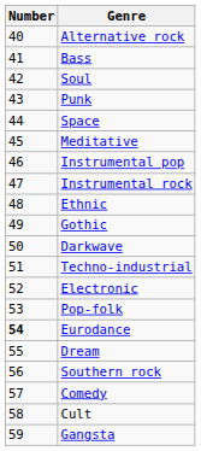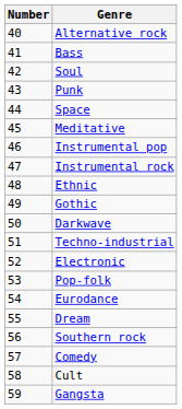 <table class="wikitable">
 <tr>
 <th>Number</th>
 <th>Genre</th>
 </tr>
 <tr>
 <td>40</td>
 <td><a href='#'>Alternative rock</a></td>
 </tr>
 <tr>
 <td>41</td>
 <td><a href='#'>Bass</a></td>
 </tr>
 <tr>
 <td>42</td>
 <td><a href='#'>Soul</a></td>
 </tr>
 <tr>
 <td>43</td>
 <td><a href='#'>Punk</a></td>
 </tr>
 <tr>
 <td>44</td>
 <td><a href='#'>Space</a></td>
 </tr>
 <tr>
 <td>45</td>
 <td><a href='#'>Meditative</a></td>
 </tr>
 <tr>
 <td>46</td>
 <td><a href='#'>Instrumental pop</a></td>
 </tr>
 <tr>
 <td>47</td>
 <td><a href='#'>Instrumental rock</a></td>
 </tr>
 <tr>
 <td>48</td>
 <td><a href='#'>Ethnic</a></td>
 </tr>
 <tr>
 <td>49</td>
 <td><a href='#'>Gothic</a></td>
 </tr>
 <tr>
 <td>50</td>
 <td><a href='#'>Darkwave</a></td>
 </tr>
 <tr>
 <td>51</td>
 <td><a href='#'>Techno-industrial</a></td>
 </tr>
 <tr>
 <td>52</td>
 <td><a href='#'>Electronic</a></td>
 </tr>
 <tr>
 <td>53</td>
 <td><a href='#'>Pop-folk</a></td>
 </tr>
 <tr>
-<td><strong>54</strong></td>
+<td>54</td>
 <td><a href='#'>Eurodance</a></td>
 </tr>
 <tr>
 <td>55</td>
 <td><a href='#'>Dream</a></td>
 </tr>
 <tr>
 <td>56</td>
 <td><a href='#'>Southern rock</a></td>
 </tr>
 <tr>
 <td>57</td>
 <td><a href='#'>Comedy</a></td>
 </tr>
 <tr>
 <td>58</td>
 <td>Cult</td>
 </tr>
 <tr>
 <td>59</td>
 <td><a href='#'>Gangsta</a></td>
 </tr>
 </table>
